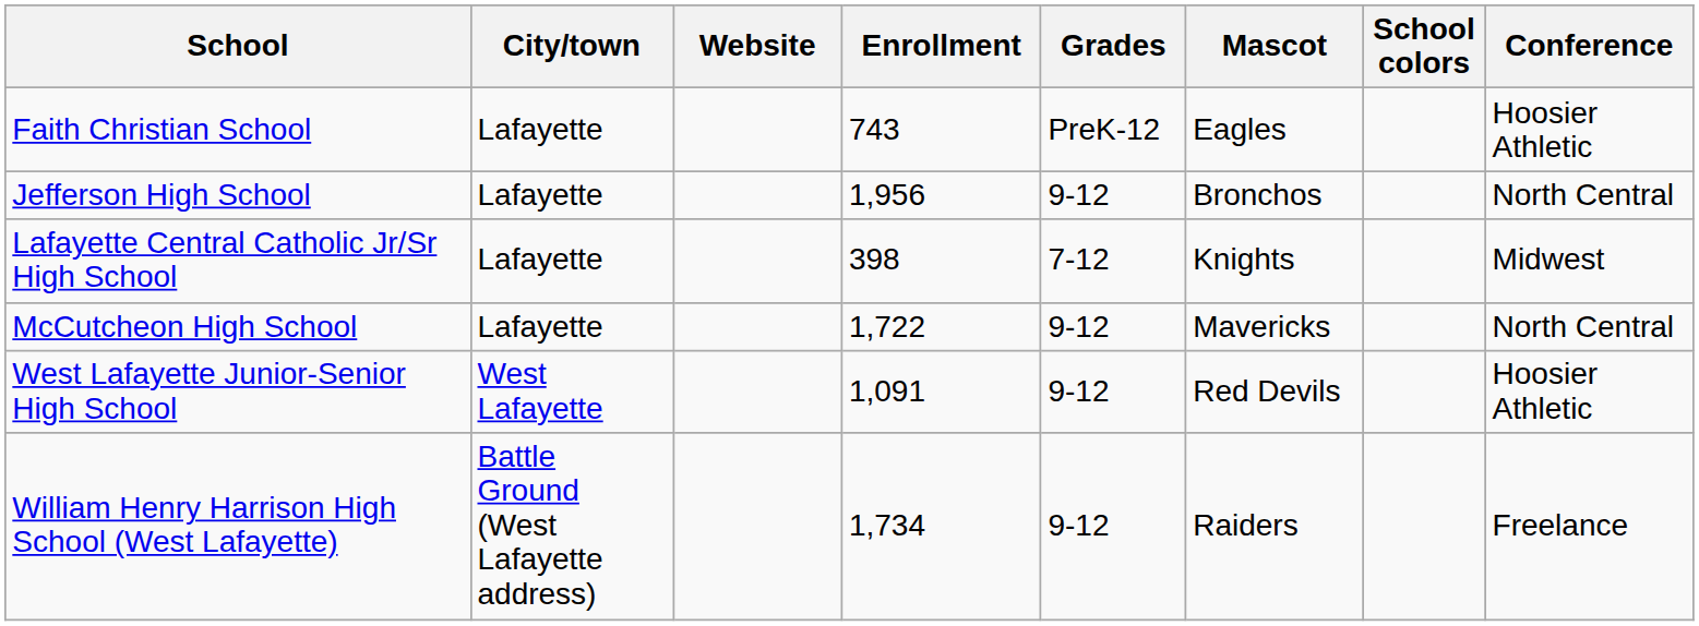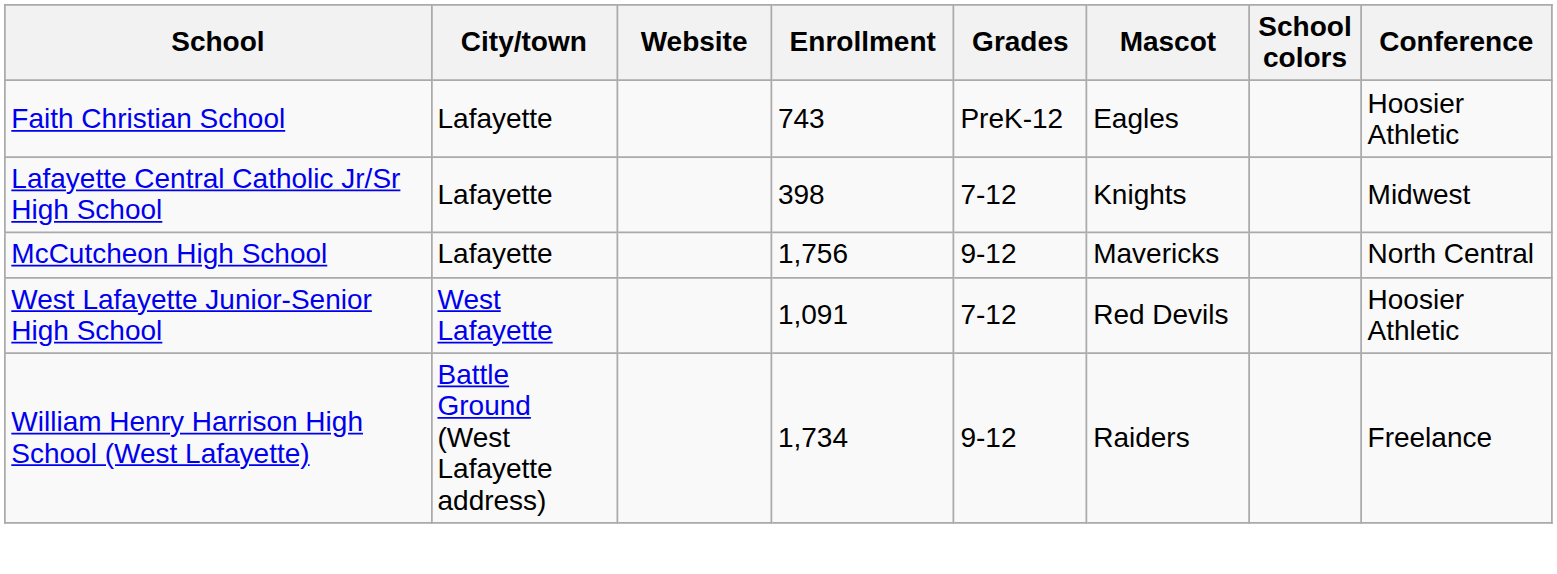 <table class="wikitable sortable" width="70%">
 <tr>
 <th width="20%">School</th>
 <th width="08%">City/town</th>
 <th width="06%">Website</th>
 <th width="04%">Enrollment</th>
 <th width="04%">Grades</th>
 <th width="04%">Mascot</th>
 <th width=01%>School colors</th>
 <th width="04%">Conference</th>
 </tr>
 <tr>
 <td><a href='#'>Faith Christian School</a></td>
 <td>Lafayette</td>
 <td></td>
 <td>743</td>
 <td>PreK-12</td>
 <td>Eagles</td>
 <td> </td>
 <td>Hoosier Athletic</td>
 </tr>
 <tr>
-<td><a href='#'>Jefferson High School</a></td>
-<td>Lafayette</td>
-<td></td>
-<td>1,956</td>
-<td>9-12</td>
-<td>Bronchos</td>
-<td> </td>
-<td>North Central</td>
-</tr>
-<tr>
 <td><a href='#'>Lafayette Central Catholic Jr/Sr High School</a></td>
 <td>Lafayette</td>
 <td></td>
 <td>398</td>
 <td>7-12</td>
 <td>Knights</td>
 <td> </td>
 <td>Midwest</td>
 </tr>
 <tr>
 <td><a href='#'>McCutcheon High School</a></td>
 <td>Lafayette</td>
 <td></td>
-<td>1,722</td>
+<td>1,756</td>
 <td>9-12</td>
 <td>Mavericks</td>
 <td> </td>
 <td>North Central</td>
 </tr>
 <tr>
 <td><a href='#'>West Lafayette Junior-Senior High School</a></td>
 <td><a href='#'>West Lafayette</a></td>
 <td></td>
 <td>1,091</td>
-<td>9-12</td>
+<td>7-12</td>
 <td>Red Devils</td>
 <td> </td>
 <td>Hoosier Athletic</td>
 </tr>
 <tr>
 <td><a href='#'>William Henry Harrison High School (West Lafayette)</a></td>
 <td><a href='#'>Battle Ground</a><br> (West Lafayette address)</td>
 <td></td>
 <td>1,734</td>
 <td>9-12</td>
 <td>Raiders</td>
 <td> </td>
 <td>Freelance</td>
 </tr>
 </table>
